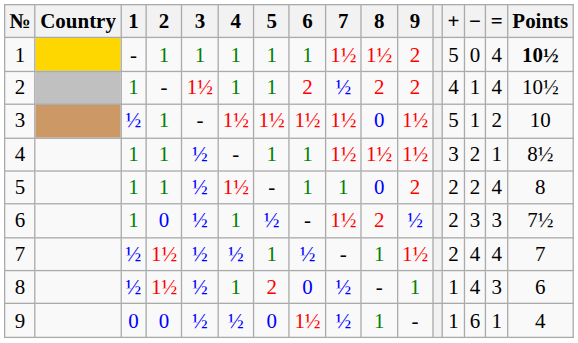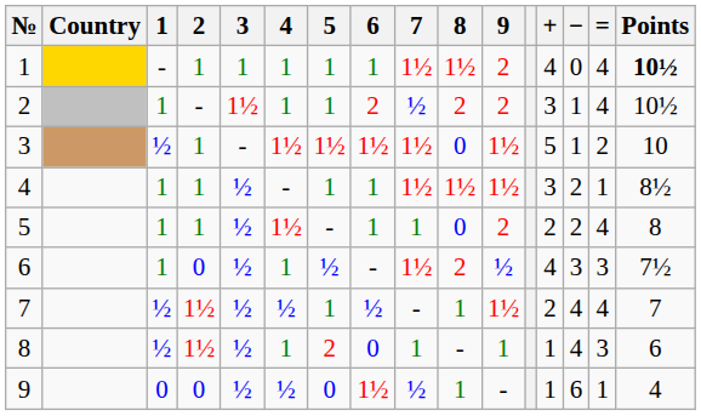 <table class="wikitable" style="text-align:center">
 <tr>
 <th>№</th>
 <th>Country</th>
 <th>1</th>
 <th>2</th>
 <th>3</th>
 <th>4</th>
 <th>5</th>
 <th>6</th>
 <th>7</th>
 <th>8</th>
 <th>9</th>
 <th></th>
 <th>+</th>
 <th>−</th>
 <th>=</th>
 <th>Points</th>
 </tr>
 <tr>
 <td>1</td>
 <td align=left bgcolor="gold"></td>
 <td>-</td>
 <td style="color:green;">1</td>
 <td style="color:green;">1</td>
 <td style="color:green;">1</td>
 <td style="color:green;">1</td>
 <td style="color:green;">1</td>
 <td style="color:red;">1½</td>
 <td style="color:red;">1½</td>
 <td style="color:red;">2</td>
 <th></th>
-<td>5</td>
+<td>4</td>
 <td>0</td>
 <td>4</td>
 <td><strong>10½</strong></td>
 </tr>
 <tr>
 <td>2</td>
 <td align=left bgcolor="silver"></td>
 <td style="color:green;">1</td>
 <td>-</td>
 <td style="color:red;">1½</td>
 <td style="color:green;">1</td>
 <td style="color:green;">1</td>
 <td style="color:red;">2</td>
 <td style="color:blue;">½</td>
 <td style="color:red;">2</td>
 <td style="color:red;">2</td>
 <th></th>
-<td>4</td>
+<td>3</td>
 <td>1</td>
 <td>4</td>
 <td>10½</td>
 </tr>
 <tr>
 <td>3</td>
 <td align=left bgcolor="CC9966"></td>
 <td style="color:blue;">½</td>
 <td style="color:green;">1</td>
 <td>-</td>
 <td style="color:red;">1½</td>
 <td style="color:red;">1½</td>
 <td style="color:red;">1½</td>
 <td style="color:red;">1½</td>
 <td style="color:blue;">0</td>
 <td style="color:red;">1½</td>
 <th></th>
 <td>5</td>
 <td>1</td>
 <td>2</td>
 <td>10</td>
 </tr>
 <tr>
 <td>4</td>
 <td style="text-align: left"></td>
 <td style="color:green;">1</td>
 <td style="color:green;">1</td>
 <td style="color:blue;">½</td>
 <td>-</td>
 <td style="color:green;">1</td>
 <td style="color:green;">1</td>
 <td style="color:red;">1½</td>
 <td style="color:red;">1½</td>
 <td style="color:red;">1½</td>
 <th></th>
 <td>3</td>
 <td>2</td>
 <td>1</td>
 <td>8½</td>
 </tr>
 <tr>
 <td>5</td>
 <td style="text-align: left"></td>
 <td style="color:green;">1</td>
 <td style="color:green;">1</td>
 <td style="color:blue;">½</td>
 <td style="color:red;">1½</td>
 <td>-</td>
 <td style="color:green;">1</td>
 <td style="color:green;">1</td>
 <td style="color:blue;">0</td>
 <td style="color:red;">2</td>
 <th></th>
 <td>2</td>
 <td>2</td>
 <td>4</td>
 <td>8</td>
 </tr>
 <tr>
 <td>6</td>
 <td style="text-align: left"></td>
 <td style="color:green;">1</td>
 <td style="color:blue;">0</td>
 <td style="color:blue;">½</td>
 <td style="color:green;">1</td>
 <td style="color:blue;">½</td>
 <td>-</td>
 <td style="color:red;">1½</td>
 <td style="color:red;">2</td>
 <td style="color:blue;">½</td>
 <th></th>
-<td>2</td>
+<td>4</td>
 <td>3</td>
 <td>3</td>
 <td>7½</td>
 </tr>
 <tr>
 <td>7</td>
 <td style="text-align: left"></td>
 <td style="color:blue;">½</td>
 <td style="color:red;">1½</td>
 <td style="color:blue;">½</td>
 <td style="color:blue;">½</td>
 <td style="color:green;">1</td>
 <td style="color:blue;">½</td>
 <td>-</td>
 <td style="color:green;">1</td>
 <td style="color:red;">1½</td>
 <th></th>
 <td>2</td>
 <td>4</td>
 <td>4</td>
 <td>7</td>
 </tr>
 <tr>
 <td>8</td>
 <td style="text-align: left"></td>
 <td style="color:blue;">½</td>
 <td style="color:red;">1½</td>
 <td style="color:blue;">½</td>
 <td style="color:green;">1</td>
 <td style="color:red;">2</td>
 <td style="color:blue;">0</td>
-<td style="color:blue;">½</td>
+<td style="color:green;">1</td>
 <td>-</td>
 <td style="color:green;">1</td>
 <th></th>
 <td>1</td>
 <td>4</td>
 <td>3</td>
 <td>6</td>
 </tr>
 <tr>
 <td>9</td>
 <td style="text-align: left"></td>
 <td style="color:blue;">0</td>
 <td style="color:blue;">0</td>
 <td style="color:blue;">½</td>
 <td style="color:blue;">½</td>
 <td style="color:blue;">0</td>
 <td style="color:red;">1½</td>
 <td style="color:blue;">½</td>
 <td style="color:green;">1</td>
 <td>-</td>
 <th></th>
 <td>1</td>
 <td>6</td>
 <td>1</td>
 <td>4</td>
 </tr>
 </table>
